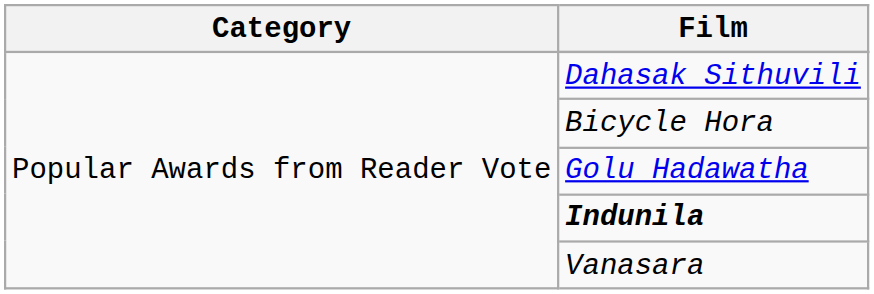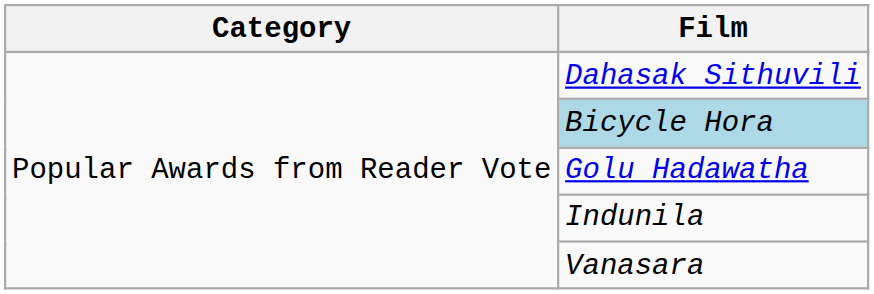 <table class="wikitable plainrowheaders sortable">
 <tr>
 <th scope="col">Category</th>
 <th scope="col">Film</th>
 </tr>
 <tr>
 <td rowspan=6>Popular Awards from Reader Vote</td>
 </tr>
 <tr>
 <td><em><a href='#'>Dahasak Sithuvili</a></em></td>
 </tr>
 <tr>
-<td><em>Bicycle Hora</em></td>
+<td style="background: lightblue;"><em>Bicycle Hora</em></td>
 </tr>
 <tr>
 <td><em><a href='#'>Golu Hadawatha</a></em></td>
 </tr>
 <tr>
-<td><strong><em>Indunila</em></strong></td>
+<td><em>Indunila</em></td>
 </tr>
 <tr>
 <td><em>Vanasara</em></td>
 </tr>
 </table>
